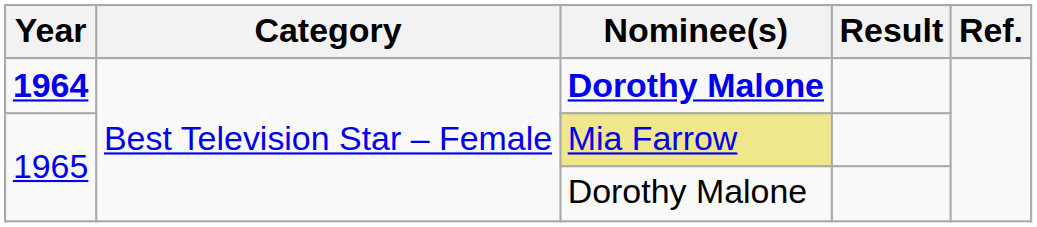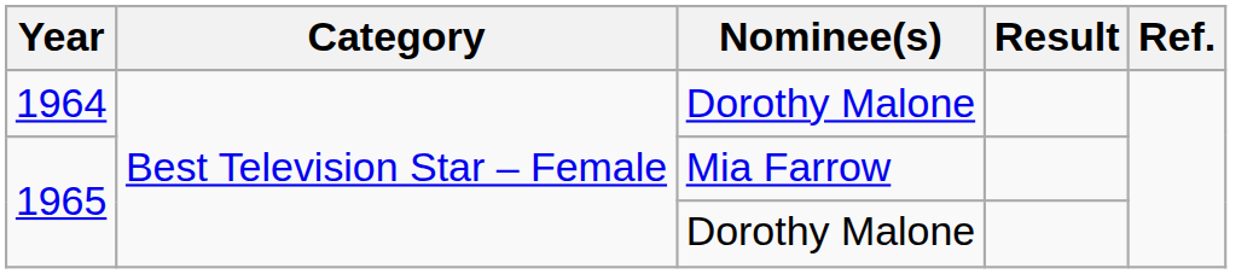 <table class="wikitable">
 <tr>
 <th>Year</th>
 <th>Category</th>
 <th>Nominee(s)</th>
 <th>Result</th>
 <th>Ref.</th>
 </tr>
 <tr>
-<td><strong><a href='#'>1964</a></strong></td>
+<td><a href='#'>1964</a></td>
 <td rowspan="3"><a href='#'>Best Television Star – Female</a></td>
-<td><strong><a href='#'>Dorothy Malone</a></strong></td>
+<td><a href='#'>Dorothy Malone</a></td>
 <td></td>
 <td align="center" rowspan="3"></td>
 </tr>
 <tr>
 <td rowspan="2"><a href='#'>1965</a></td>
-<td style="background: khaki;"><a href='#'>Mia Farrow</a></td>
+<td><a href='#'>Mia Farrow</a></td>
 <td></td>
 </tr>
 <tr>
 <td>Dorothy Malone</td>
 <td></td>
 </tr>
 </table>
